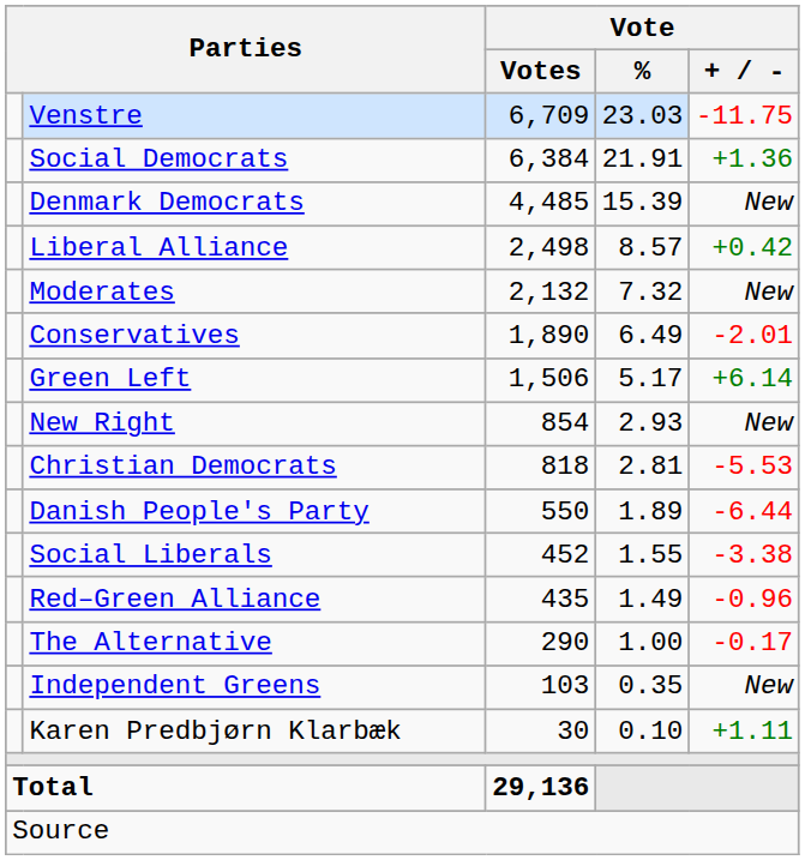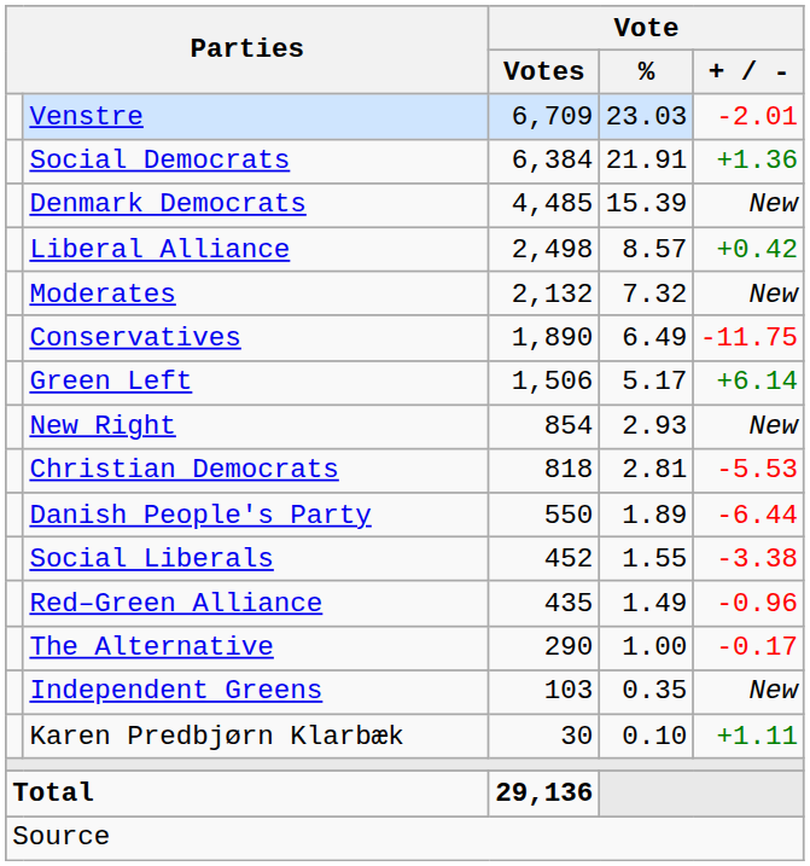 <table class="wikitable" style="text-align:right;">
 <tr>
 <th style="text-align:centre;" rowspan="2" colspan="2" width="225">Parties</th>
 <th colspan="3">Vote</th>
 </tr>
 <tr>
 <th width="15">Votes</th>
 <th width="15">%</th>
 <th width="15">+ / -</th>
 </tr>
 <tr>
 <td width="2" style="color:inherit;background:"></td>
 <td bgcolor=#cfe5fe  align="left"><a href='#'>Venstre</a></td>
 <td bgcolor=#cfe5fe>6,709</td>
 <td bgcolor=#cfe5fe>23.03</td>
-<td style=color:red;>-11.75</td>
+<td style=color:red;>-2.01</td>
 </tr>
 <tr>
 <td width="2" style="color:inherit;background:"></td>
 <td align="left"><a href='#'>Social Democrats</a></td>
 <td>6,384</td>
 <td>21.91</td>
 <td style=color:green;>+1.36</td>
 </tr>
 <tr>
 <td width="2" style="color:inherit;background:"></td>
 <td align="left"><a href='#'>Denmark Democrats</a></td>
 <td>4,485</td>
 <td>15.39</td>
 <td><em>New</em></td>
 </tr>
 <tr>
 <td width="2" style="color:inherit;background:"></td>
 <td align="left"><a href='#'>Liberal Alliance</a></td>
 <td>2,498</td>
 <td>8.57</td>
 <td style=color:green;>+0.42</td>
 </tr>
 <tr>
 <td width="2" style="color:inherit;background:"></td>
 <td align="left"><a href='#'>Moderates</a></td>
 <td>2,132</td>
 <td>7.32</td>
 <td><em>New</em></td>
 </tr>
 <tr>
 <td width="2" style="color:inherit;background:"></td>
 <td align="left"><a href='#'>Conservatives</a></td>
 <td>1,890</td>
 <td>6.49</td>
-<td style=color:red;>-2.01</td>
+<td style=color:red;>-11.75</td>
 </tr>
 <tr>
 <td width="2" style="color:inherit;background:"></td>
 <td align="left"><a href='#'>Green Left</a></td>
 <td>1,506</td>
 <td>5.17</td>
 <td style=color:green;>+6.14</td>
 </tr>
 <tr>
 <td width="2" style="color:inherit;background:"></td>
 <td align="left"><a href='#'>New Right</a></td>
 <td>854</td>
 <td>2.93</td>
 <td><em>New</em></td>
 </tr>
 <tr>
 <td width="2" style="color:inherit;background:"></td>
 <td align="left"><a href='#'>Christian Democrats</a></td>
 <td>818</td>
 <td>2.81</td>
 <td style=color:red;>-5.53</td>
 </tr>
 <tr>
 <td width="2" style="color:inherit;background:"></td>
 <td align="left"><a href='#'>Danish People's Party</a></td>
 <td>550</td>
 <td>1.89</td>
 <td style=color:red;>-6.44</td>
 </tr>
 <tr>
 <td width="2" style="color:inherit;background:"></td>
 <td align="left"><a href='#'>Social Liberals</a></td>
 <td>452</td>
 <td>1.55</td>
 <td style=color:red;>-3.38</td>
 </tr>
 <tr>
 <td width="2" style="color:inherit;background:"></td>
 <td align="left"><a href='#'>Red–Green Alliance</a></td>
 <td>435</td>
 <td>1.49</td>
 <td style=color:red;>-0.96</td>
 </tr>
 <tr>
 <td width="2" style="color:inherit;background:"></td>
 <td align="left"><a href='#'>The Alternative</a></td>
 <td>290</td>
 <td>1.00</td>
 <td style=color:red;>-0.17</td>
 </tr>
 <tr>
 <td width="2" style="color:inherit;background:"></td>
 <td align="left"><a href='#'>Independent Greens</a></td>
 <td>103</td>
 <td>0.35</td>
 <td><em>New</em></td>
 </tr>
 <tr>
 <td width="2" style="color:inherit;background:"></td>
 <td align="left">Karen Predbjørn Klarbæk</td>
 <td>30</td>
 <td>0.10</td>
 <td style=color:green;>+1.11</td>
 </tr>
 <tr>
 <td colspan="7" bgcolor="#E9E9E9"></td>
 </tr>
 <tr>
 <td align="left" colspan="2"><strong>Total</strong></td>
 <td><strong>29,136</strong></td>
 <td bgcolor="#E9E9E9" colspan="2"></td>
 </tr>
 <tr>
 <td align="left" colspan="6">Source</td>
 </tr>
 </table>
